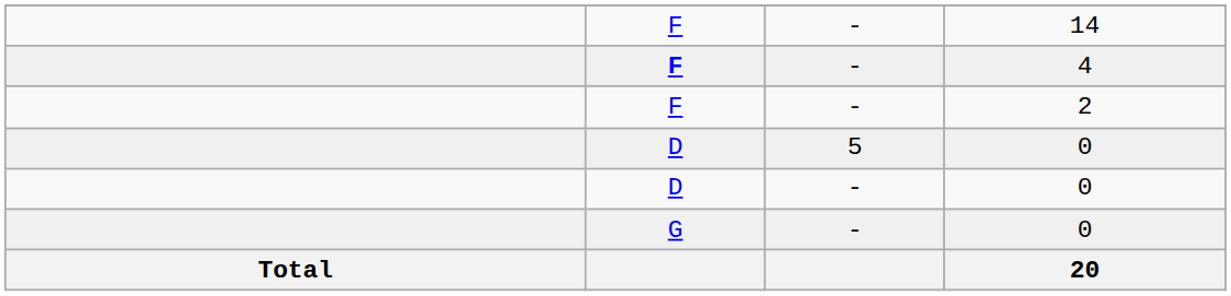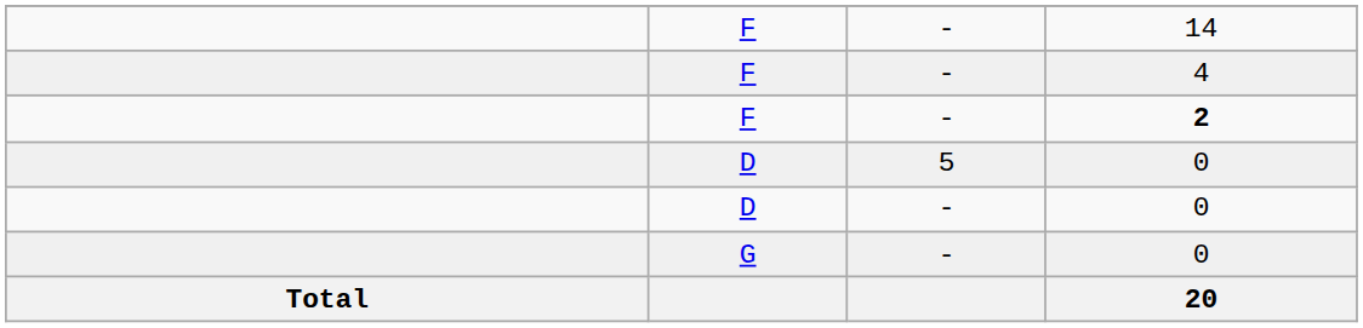 <table class="wikitable sortable" width ="40%">
 <tr align="center">
 </tr>
 <tr align="center" bgcolor="">
 <td></td>
 <td><a href='#'>F</a></td>
 <td>-</td>
 <td>14</td>
 </tr>
 <tr align="center" bgcolor="f0f0f0">
 <td></td>
-<td><strong><a href='#'>F</a></strong></td>
+<td><a href='#'>F</a></td>
 <td>-</td>
 <td>4</td>
 </tr>
 <tr align="center" bgcolor="">
 <td></td>
 <td><a href='#'>F</a></td>
 <td>-</td>
-<td>2</td>
+<td><strong>2</strong></td>
 </tr>
 <tr align="center" bgcolor="f0f0f0">
 <td></td>
 <td><a href='#'>D</a></td>
 <td>5</td>
 <td>0</td>
 </tr>
 <tr align="center" bgcolor="">
 <td></td>
 <td><a href='#'>D</a></td>
 <td>-</td>
 <td>0</td>
 </tr>
 <tr align="center" bgcolor="f0f0f0">
 <td></td>
 <td><a href='#'>G</a></td>
 <td>-</td>
 <td>0</td>
 </tr>
 <tr>
 <th>Total</th>
 <th></th>
 <th></th>
 <th>20</th>
 </tr>
 </table>
